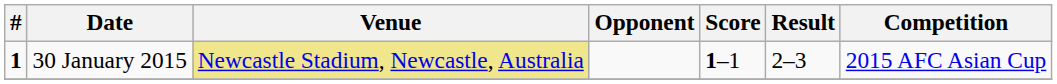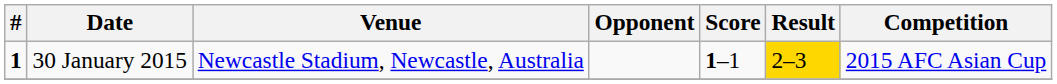 <table class="wikitable">
 <tr>
 <th>#</th>
 <th>Date</th>
 <th>Venue</th>
 <th>Opponent</th>
 <th>Score</th>
 <th>Result</th>
 <th>Competition</th>
 </tr>
 <tr>
 <td><strong>1</strong></td>
 <td>30 January 2015</td>
-<td style="background: khaki;"><a href='#'>Newcastle Stadium</a>, <a href='#'>Newcastle</a>, <a href='#'>Australia</a></td>
+<td><a href='#'>Newcastle Stadium</a>, <a href='#'>Newcastle</a>, <a href='#'>Australia</a></td>
 <td></td>
 <td><strong>1</strong>–1</td>
-<td>2–3</td>
+<td style="background: gold;">2–3</td>
 <td><a href='#'>2015 AFC Asian Cup</a></td>
 </tr>
 <tr>
 </tr>
 </table>
